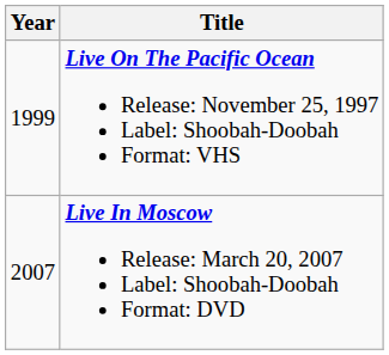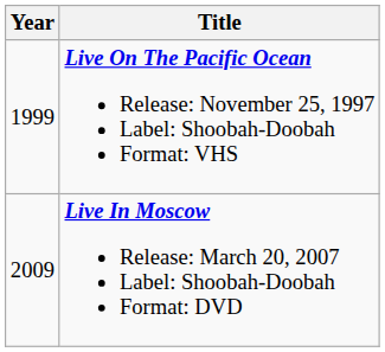 <table class="wikitable">
 <tr>
 <th>Year</th>
 <th>Title</th>
 </tr>
 <tr>
 <td>1999</td>
 <td style="text-align:left;"><strong><em><a href='#'>Live On The Pacific Ocean</a></em></strong><br><ul><li>Release: November 25, 1997</li><li>Label: Shoobah-Doobah</li><li>Format: VHS</li></ul></td>
 </tr>
 <tr>
-<td>2007</td>
+<td>2009</td>
 <td style="text-align:left;"><strong><em><a href='#'>Live In Moscow</a></em></strong><br><ul><li>Release: March 20, 2007</li><li>Label: Shoobah-Doobah</li><li>Format: DVD</li></ul></td>
 </tr>
 </table>
